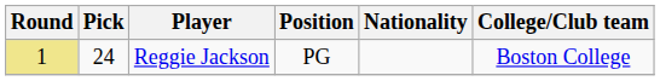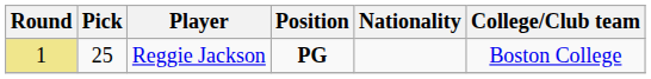 <table class="wikitable sortable sortable">
 <tr>
 <th>Round</th>
 <th>Pick</th>
 <th>Player</th>
 <th>Position</th>
 <th>Nationality</th>
 <th>College/Club team</th>
 </tr>
 <tr style="text-align: center">
 <td style="background: khaki;">1</td>
-<td>24</td>
+<td>25</td>
 <td><a href='#'>Reggie Jackson</a></td>
-<td>PG</td>
+<td><strong>PG</strong></td>
 <td></td>
 <td><a href='#'>Boston College</a></td>
 </tr>
 <tr>
 </tr>
 </table>
